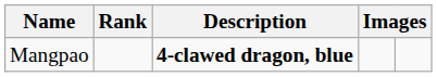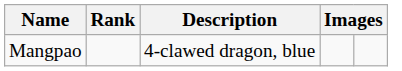 <table class="wikitable">
 <tr>
 <th>Name</th>
 <th>Rank</th>
 <th>Description</th>
 <th colspan="2">Images</th>
 </tr>
 <tr>
 <td>Mangpao</td>
 <td></td>
-<td><strong>4-clawed dragon, blue</strong></td>
+<td>4-clawed dragon, blue</td>
 <td></td>
 <td></td>
 </tr>
 </table>
